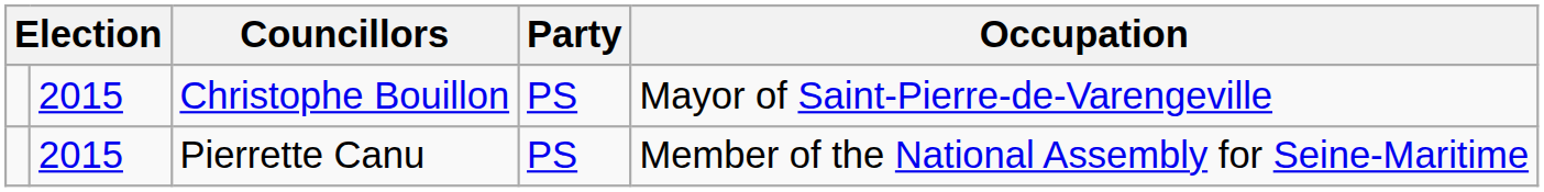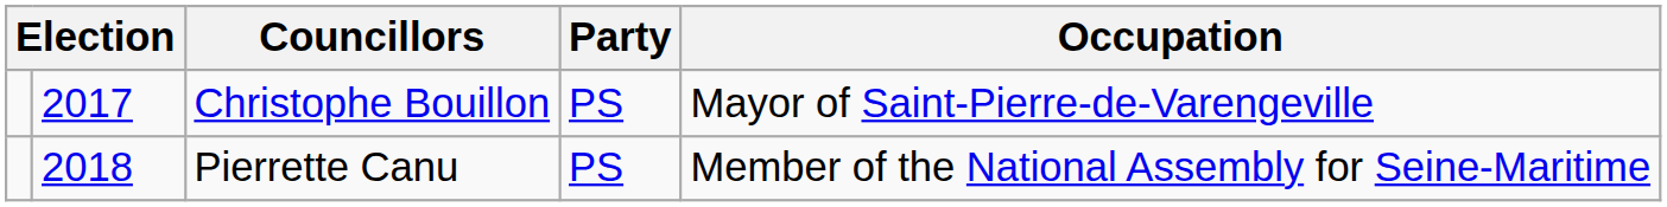 <table class="wikitable">
 <tr>
 <th colspan="2">Election</th>
 <th>Councillors</th>
 <th>Party</th>
 <th>Occupation</th>
 </tr>
 <tr>
 <td style="background-color: "></td>
-<td><a href='#'>2015</a></td>
+<td><a href='#'>2017</a></td>
 <td><a href='#'>Christophe Bouillon</a></td>
 <td><a href='#'>PS</a></td>
 <td>Mayor of <a href='#'>Saint-Pierre-de-Varengeville</a></td>
 </tr>
 <tr>
 <td style="background-color: "></td>
-<td><a href='#'>2015</a></td>
+<td><a href='#'>2018</a></td>
 <td>Pierrette Canu</td>
 <td><a href='#'>PS</a></td>
 <td>Member of the <a href='#'>National Assembly</a> for <a href='#'>Seine-Maritime</a></td>
 </tr>
 </table>
